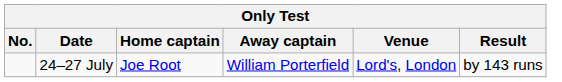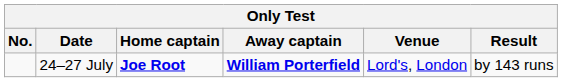 <table class="wikitable">
 <tr>
 <th colspan="6">Only Test</th>
 </tr>
 <tr>
 <th>No.</th>
 <th>Date</th>
 <th>Home captain</th>
 <th>Away captain</th>
 <th>Venue</th>
 <th>Result</th>
 </tr>
 <tr>
 <td></td>
 <td>24–27 July</td>
-<td><a href='#'>Joe Root</a></td>
-<td><a href='#'>William Porterfield</a></td>
+<td><strong><a href='#'>Joe Root</a></strong></td>
+<td><strong><a href='#'>William Porterfield</a></strong></td>
 <td><a href='#'>Lord's</a>, <a href='#'>London</a></td>
 <td> by 143 runs</td>
 </tr>
 </table>
